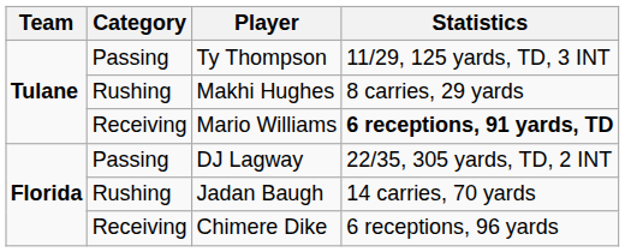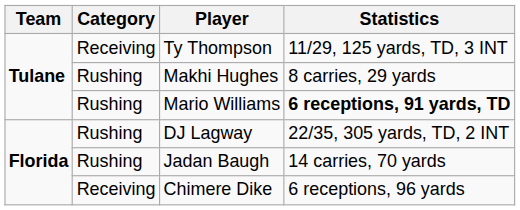 <table class="wikitable" style="float: right;">
 <tr>
 <th>Team</th>
 <th>Category</th>
 <th>Player</th>
 <th>Statistics</th>
 </tr>
 <tr>
 <td rowspan=3><strong>Tulane</strong></td>
-<td>Passing</td>
+<td>Receiving</td>
 <td>Ty Thompson</td>
 <td>11/29, 125 yards, TD, 3 INT</td>
 </tr>
 <tr>
 <td>Rushing</td>
 <td>Makhi Hughes</td>
 <td>8 carries, 29 yards</td>
 </tr>
 <tr>
-<td>Receiving</td>
+<td>Rushing</td>
 <td>Mario Williams</td>
 <td><strong>6 receptions, 91 yards, TD</strong></td>
 </tr>
 <tr>
 <td rowspan=3><strong>Florida</strong></td>
-<td>Passing</td>
+<td>Rushing</td>
 <td>DJ Lagway</td>
 <td>22/35, 305 yards, TD, 2 INT</td>
 </tr>
 <tr>
 <td>Rushing</td>
 <td>Jadan Baugh</td>
 <td>14 carries, 70 yards</td>
 </tr>
 <tr>
 <td>Receiving</td>
 <td>Chimere Dike</td>
 <td>6 receptions, 96 yards</td>
 </tr>
 </table>
